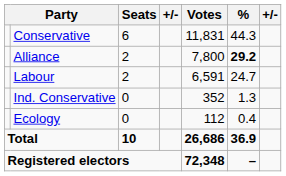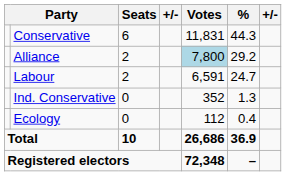 <table class="wikitable sortable">
 <tr>
 <th colspan="2">Party</th>
 <th>Seats</th>
 <th>+/-</th>
 <th>Votes</th>
 <th>%</th>
 <th>+/-</th>
 </tr>
 <tr>
 <td style="background-color: "></td>
 <td><a href='#'>Conservative</a></td>
 <td>6</td>
 <td></td>
 <td style="text-align:right;">11,831</td>
 <td style="text-align:right;">44.3</td>
 <td style="text-align:right;"></td>
 </tr>
 <tr>
 <td style="background-color: "></td>
 <td><a href='#'>Alliance</a></td>
 <td>2</td>
 <td></td>
-<td style="text-align:right;">7,800</td>
-<td style="text-align:right;"><strong>29.2</strong></td>
+<td style="background: lightblue; text-align:right;">7,800</td>
+<td style="text-align:right;">29.2</td>
 <td style="text-align:right;"></td>
 </tr>
 <tr>
 <td style="background-color: "></td>
 <td><a href='#'>Labour</a></td>
 <td>2</td>
 <td></td>
 <td style="text-align:right;">6,591</td>
 <td style="text-align:right;">24.7</td>
 <td style="text-align:right;"></td>
 </tr>
 <tr>
 <td style="background-color: "></td>
 <td><a href='#'>Ind. Conservative</a></td>
 <td>0</td>
 <td></td>
 <td style="text-align:right;">352</td>
 <td style="text-align:right;">1.3</td>
 <td style="text-align:right;"></td>
 </tr>
 <tr>
 <td style="background-color: "></td>
 <td><a href='#'>Ecology</a></td>
 <td>0</td>
 <td></td>
 <td style="text-align:right;">112</td>
 <td style="text-align:right;">0.4</td>
 <td style="text-align:right;"></td>
 </tr>
 <tr>
 <td colspan="2"><strong>Total</strong></td>
 <td><strong>10</strong></td>
 <td></td>
 <td style="text-align:right;"><strong>26,686</strong></td>
 <td style="text-align:right;"><strong>36.9</strong></td>
 <td style="text-align:right;"></td>
 </tr>
 <tr>
 <td colspan="4"><strong>Registered electors</strong></td>
 <td style="text-align:right;"><strong>72,348</strong></td>
 <td style="text-align:right;"><strong>–</strong></td>
 <td style="text-align:right;"></td>
 </tr>
 </table>
